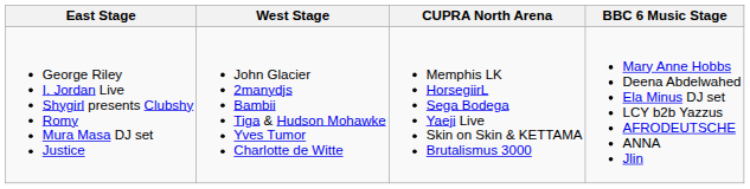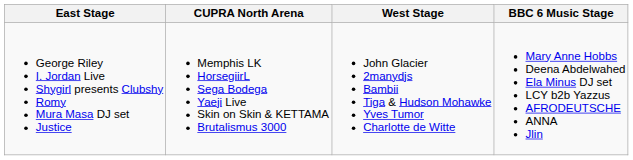 <table class="wikitable">
 <tr>
 <th>East Stage</th>
+<th>CUPRA North Arena</th>
 <th>West Stage</th>
-<th>CUPRA North Arena</th>
 <th>BBC 6 Music Stage</th>
 </tr>
 <tr>
 <td><br><ul><li>George Riley</li><li><a href='#'>I. Jordan</a> Live</li><li><a href='#'>Shygirl</a> presents <a href='#'>Clubshy</a></li><li><a href='#'>Romy</a></li><li><a href='#'>Mura Masa</a> DJ set</li><li><a href='#'>Justice</a></li></ul></td>
+<td><br><ul><li>Memphis LK</li><li><a href='#'>HorsegiirL</a></li><li><a href='#'>Sega Bodega</a></li><li><a href='#'>Yaeji</a> Live</li><li>Skin on Skin & KETTAMA</li><li><a href='#'>Brutalismus 3000</a></li></ul></td>
 <td><br><ul><li>John Glacier</li><li><a href='#'>2manydjs</a></li><li><a href='#'>Bambii</a></li><li><a href='#'>Tiga</a> & <a href='#'>Hudson Mohawke</a></li><li><a href='#'>Yves Tumor</a></li><li><a href='#'>Charlotte de Witte</a></li></ul></td>
-<td><br><ul><li>Memphis LK</li><li><a href='#'>HorsegiirL</a></li><li><a href='#'>Sega Bodega</a></li><li><a href='#'>Yaeji</a> Live</li><li>Skin on Skin & KETTAMA</li><li><a href='#'>Brutalismus 3000</a></li></ul></td>
 <td><br><ul><li><a href='#'>Mary Anne Hobbs</a></li><li>Deena Abdelwahed</li><li><a href='#'>Ela Minus</a> DJ set</li><li>LCY b2b Yazzus</li><li><a href='#'>AFRODEUTSCHE</a></li><li>ANNA</li><li><a href='#'>Jlin</a></li></ul></td>
 </tr>
 </table>
